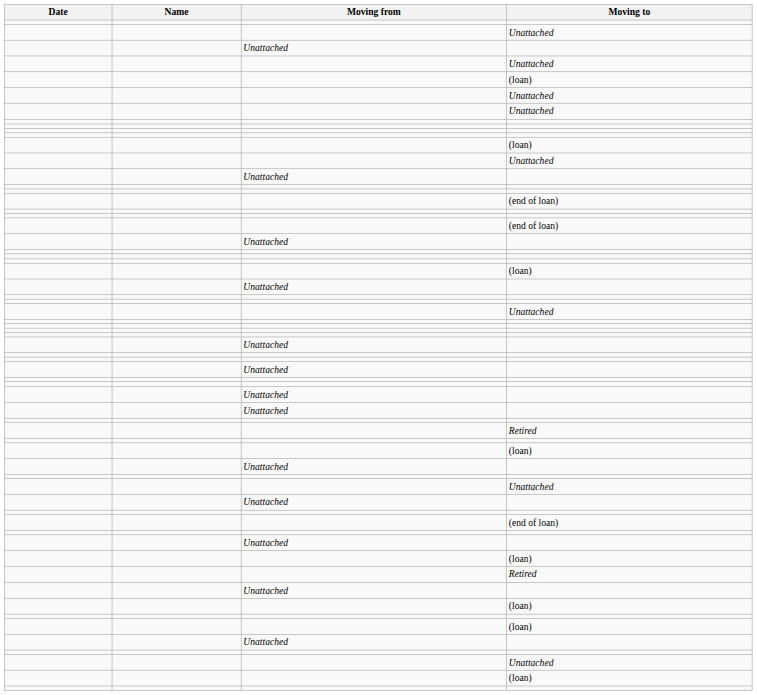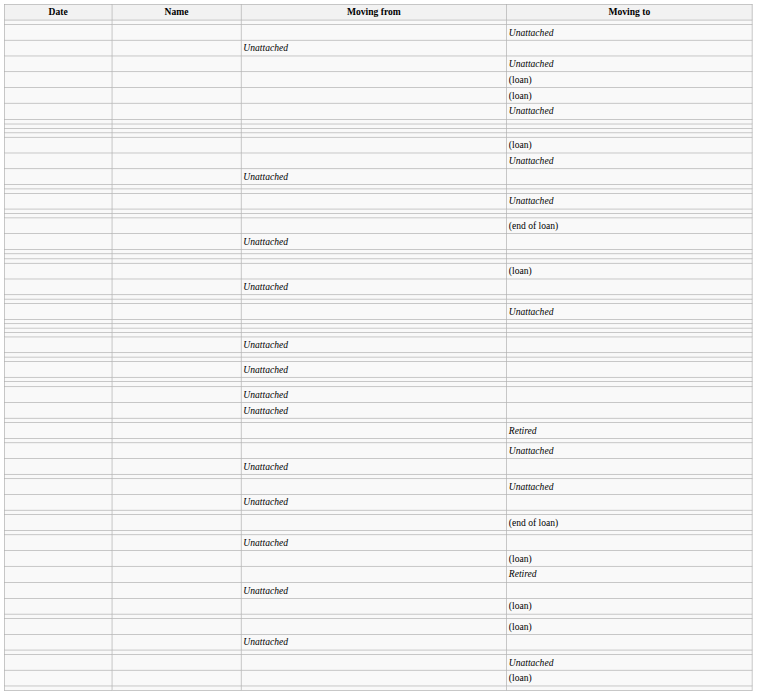 <table class="wikitable sortable" style="width:75%; font-size:95%; ">
 <tr>
 <th>Date</th>
 <th>Name</th>
 <th>Moving from</th>
 <th>Moving to</th>
 </tr>
 <tr>
 <td></td>
 <td></td>
 <td></td>
 <td></td>
 </tr>
 <tr>
 <td></td>
 <td></td>
 <td></td>
 <td><em>Unattached</em></td>
 </tr>
 <tr>
 <td></td>
 <td></td>
 <td><em>Unattached</em></td>
 <td></td>
 </tr>
 <tr>
 <td></td>
 <td></td>
 <td></td>
 <td><em>Unattached</em></td>
 </tr>
 <tr>
 <td></td>
 <td></td>
 <td></td>
 <td> (loan)</td>
 </tr>
 <tr>
 <td></td>
 <td></td>
 <td></td>
-<td><em>Unattached</em></td>
+<td> (loan)</td>
 </tr>
 <tr>
 <td></td>
 <td></td>
 <td></td>
 <td><em>Unattached</em></td>
 </tr>
 <tr>
 <td></td>
 <td></td>
 <td></td>
 <td></td>
 </tr>
 <tr>
 <td></td>
 <td></td>
 <td></td>
 <td></td>
 </tr>
 <tr>
 <td></td>
 <td></td>
 <td></td>
 <td></td>
 </tr>
 <tr>
 <td></td>
 <td></td>
 <td></td>
 <td></td>
 </tr>
 <tr>
 <td></td>
 <td></td>
 <td></td>
 <td> (loan)</td>
 </tr>
 <tr>
 <td></td>
 <td></td>
 <td></td>
 <td><em>Unattached</em></td>
 </tr>
 <tr>
 <td></td>
 <td></td>
 <td><em>Unattached</em></td>
 <td></td>
 </tr>
 <tr>
 <td></td>
 <td></td>
 <td></td>
 <td></td>
 </tr>
 <tr>
 <td></td>
 <td></td>
 <td></td>
 <td></td>
 </tr>
 <tr>
 <td></td>
 <td></td>
 <td></td>
-<td> (end of loan)</td>
+<td><em>Unattached</em></td>
 </tr>
 <tr>
 <td></td>
 <td></td>
 <td></td>
 <td></td>
 </tr>
 <tr>
 <td></td>
 <td></td>
 <td></td>
 <td></td>
 </tr>
 <tr>
 <td></td>
 <td></td>
 <td></td>
 <td> (end of loan)</td>
 </tr>
 <tr>
 <td></td>
 <td></td>
 <td><em>Unattached</em></td>
 <td></td>
 </tr>
 <tr>
 <td></td>
 <td></td>
 <td></td>
 <td></td>
 </tr>
 <tr>
 <td></td>
 <td></td>
 <td></td>
 <td></td>
 </tr>
 <tr>
 <td></td>
 <td></td>
 <td></td>
 <td></td>
 </tr>
 <tr>
 <td></td>
 <td></td>
 <td></td>
 <td> (loan)</td>
 </tr>
 <tr>
 <td></td>
 <td></td>
 <td><em>Unattached</em></td>
 <td></td>
 </tr>
 <tr>
 <td></td>
 <td></td>
 <td></td>
 <td></td>
 </tr>
 <tr>
 <td></td>
 <td></td>
 <td></td>
 <td></td>
 </tr>
 <tr>
 <td></td>
 <td></td>
 <td></td>
 <td><em>Unattached</em></td>
 </tr>
 <tr>
 <td></td>
 <td></td>
 <td></td>
 <td></td>
 </tr>
 <tr>
 <td></td>
 <td></td>
 <td></td>
 <td></td>
 </tr>
 <tr>
 <td></td>
 <td></td>
 <td></td>
 <td></td>
 </tr>
 <tr>
 <td></td>
 <td></td>
 <td></td>
 <td></td>
 </tr>
 <tr>
 <td></td>
 <td></td>
 <td><em>Unattached</em></td>
 <td></td>
 </tr>
 <tr>
 <td></td>
 <td></td>
 <td></td>
 <td></td>
 </tr>
 <tr>
 <td></td>
 <td></td>
 <td></td>
 <td></td>
 </tr>
 <tr>
 <td></td>
 <td></td>
 <td><em>Unattached</em></td>
 <td></td>
 </tr>
 <tr>
 <td></td>
 <td></td>
 <td></td>
 <td></td>
 </tr>
 <tr>
 <td></td>
 <td></td>
 <td></td>
 <td></td>
 </tr>
 <tr>
 <td></td>
 <td></td>
 <td><em>Unattached</em></td>
 <td></td>
 </tr>
 <tr>
 <td></td>
 <td></td>
 <td><em>Unattached</em></td>
 <td></td>
 </tr>
 <tr>
 <td></td>
 <td></td>
 <td></td>
 <td></td>
 </tr>
 <tr>
 <td></td>
 <td></td>
 <td></td>
 <td><em>Retired</em></td>
 </tr>
 <tr>
 <td></td>
 <td></td>
 <td></td>
 <td></td>
 </tr>
 <tr>
 <td></td>
 <td></td>
 <td></td>
-<td> (loan)</td>
+<td><em>Unattached</em></td>
 </tr>
 <tr>
 <td></td>
 <td></td>
 <td><em>Unattached</em></td>
 <td></td>
 </tr>
 <tr>
 <td></td>
 <td></td>
 <td></td>
 <td></td>
 </tr>
 <tr>
 <td></td>
 <td></td>
 <td></td>
 <td><em>Unattached</em></td>
 </tr>
 <tr>
 <td></td>
 <td></td>
 <td><em>Unattached</em></td>
 <td></td>
 </tr>
 <tr>
 <td></td>
 <td></td>
 <td></td>
 <td></td>
 </tr>
 <tr>
 <td></td>
 <td></td>
 <td></td>
 <td> (end of loan)</td>
 </tr>
 <tr>
 <td></td>
 <td></td>
 <td></td>
 <td></td>
 </tr>
 <tr>
 <td></td>
 <td></td>
 <td><em>Unattached</em></td>
 <td></td>
 </tr>
 <tr>
 <td></td>
 <td></td>
 <td></td>
 <td> (loan)</td>
 </tr>
 <tr>
 <td></td>
 <td></td>
 <td></td>
 <td><em>Retired</em></td>
 </tr>
 <tr>
 <td></td>
 <td></td>
 <td><em>Unattached</em></td>
 <td></td>
 </tr>
 <tr>
 <td></td>
 <td></td>
 <td></td>
 <td> (loan)</td>
 </tr>
 <tr>
 <td></td>
 <td></td>
 <td></td>
 <td></td>
 </tr>
 <tr>
 <td></td>
 <td></td>
 <td></td>
 <td> (loan)</td>
 </tr>
 <tr>
 <td></td>
 <td></td>
 <td><em>Unattached</em></td>
 <td></td>
 </tr>
 <tr>
 <td></td>
 <td></td>
 <td></td>
 <td></td>
 </tr>
 <tr>
 <td></td>
 <td></td>
 <td></td>
 <td><em>Unattached</em></td>
 </tr>
 <tr>
 <td></td>
 <td></td>
 <td></td>
 <td> (loan)</td>
 </tr>
 <tr>
 <td></td>
 <td></td>
 <td></td>
 <td></td>
 </tr>
 </table>
